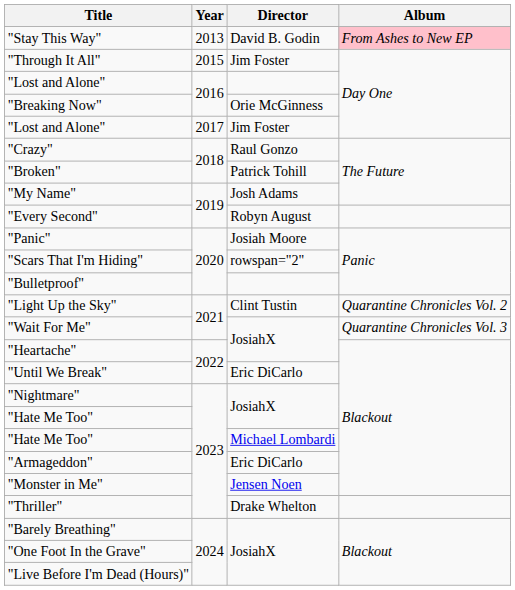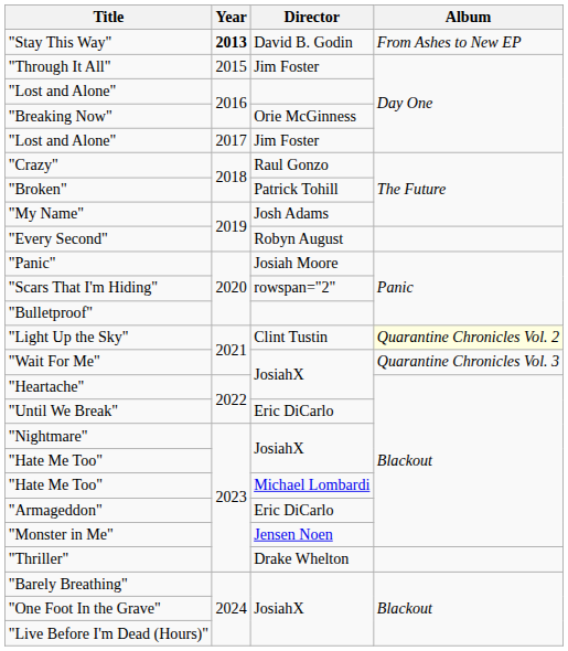 <table class="wikitable plainrowheaders">
 <tr>
 <th>Title</th>
 <th>Year</th>
 <th>Director</th>
 <th>Album</th>
 </tr>
 <tr>
 <td>"Stay This Way"</td>
-<td>2013</td>
+<td><strong>2013</strong></td>
 <td>David B. Godin</td>
-<td style="background: pink;"><em>From Ashes to New EP</em></td>
+<td><em>From Ashes to New EP</em></td>
 </tr>
 <tr>
 <td>"Through It All"</td>
 <td>2015</td>
 <td>Jim Foster</td>
 <td rowspan="4"><em>Day One</em></td>
 </tr>
 <tr>
 <td>"Lost and Alone"</td>
 <td rowspan="2">2016</td>
 <td></td>
 </tr>
 <tr>
 <td>"Breaking Now"</td>
 <td>Orie McGinness</td>
 </tr>
 <tr>
 <td>"Lost and Alone"<br></td>
 <td>2017</td>
 <td>Jim Foster</td>
 </tr>
 <tr>
 <td>"Crazy"</td>
 <td rowspan="2">2018</td>
 <td>Raul Gonzo</td>
 <td rowspan="3"><em>The Future</em></td>
 </tr>
 <tr>
 <td>"Broken"</td>
 <td>Patrick Tohill</td>
 </tr>
 <tr>
 <td>"My Name"</td>
 <td rowspan="2">2019</td>
 <td>Josh Adams</td>
 </tr>
 <tr>
 <td>"Every Second" <br></td>
 <td>Robyn August</td>
 <td></td>
 </tr>
 <tr>
 <td>"Panic"</td>
 <td rowspan="3">2020</td>
 <td>Josiah Moore</td>
 <td rowspan="3"><em>Panic</em></td>
 </tr>
 <tr>
 <td>"Scars That I'm Hiding" <br></td>
 <td>rowspan="2" </td>
 </tr>
 <tr>
 <td>"Bulletproof"</td>
 </tr>
 <tr>
 <td>"Light Up the Sky"</td>
 <td rowspan="2">2021</td>
 <td>Clint Tustin</td>
-<td><em>Quarantine Chronicles Vol. 2</em></td>
+<td style="background: lightyellow;"><em>Quarantine Chronicles Vol. 2</em></td>
 </tr>
 <tr>
 <td>"Wait For Me" <br></td>
 <td rowspan="2">JosiahX</td>
 <td><em>Quarantine Chronicles Vol. 3</em></td>
 </tr>
 <tr>
 <td>"Heartache"</td>
 <td rowspan="2">2022</td>
 <td rowspan="7"><em>Blackout</em></td>
 </tr>
 <tr>
 <td>"Until We Break"<br></td>
 <td>Eric DiCarlo</td>
 </tr>
 <tr>
 <td>"Nightmare"</td>
 <td rowspan="6">2023</td>
 <td rowspan="2">JosiahX</td>
 </tr>
 <tr>
 <td>"Hate Me Too"</td>
 </tr>
 <tr>
 <td>"Hate Me Too"<br></td>
 <td><a href='#'>Michael Lombardi</a></td>
 </tr>
 <tr>
 <td>"Armageddon"</td>
 <td>Eric DiCarlo</td>
 </tr>
 <tr>
 <td>"Monster in Me"</td>
 <td><a href='#'>Jensen Noen</a></td>
 </tr>
 <tr>
 <td>"Thriller"</td>
 <td>Drake Whelton</td>
 <td></td>
 </tr>
 <tr>
 <td>"Barely Breathing" <br></td>
 <td rowspan="3">2024</td>
 <td rowspan="3">JosiahX</td>
 <td rowspan="3"><em>Blackout</em></td>
 </tr>
 <tr>
 <td>"One Foot In the Grave" <br></td>
 </tr>
 <tr>
 <td>"Live Before I'm Dead (Hours)"</td>
 </tr>
 </table>
